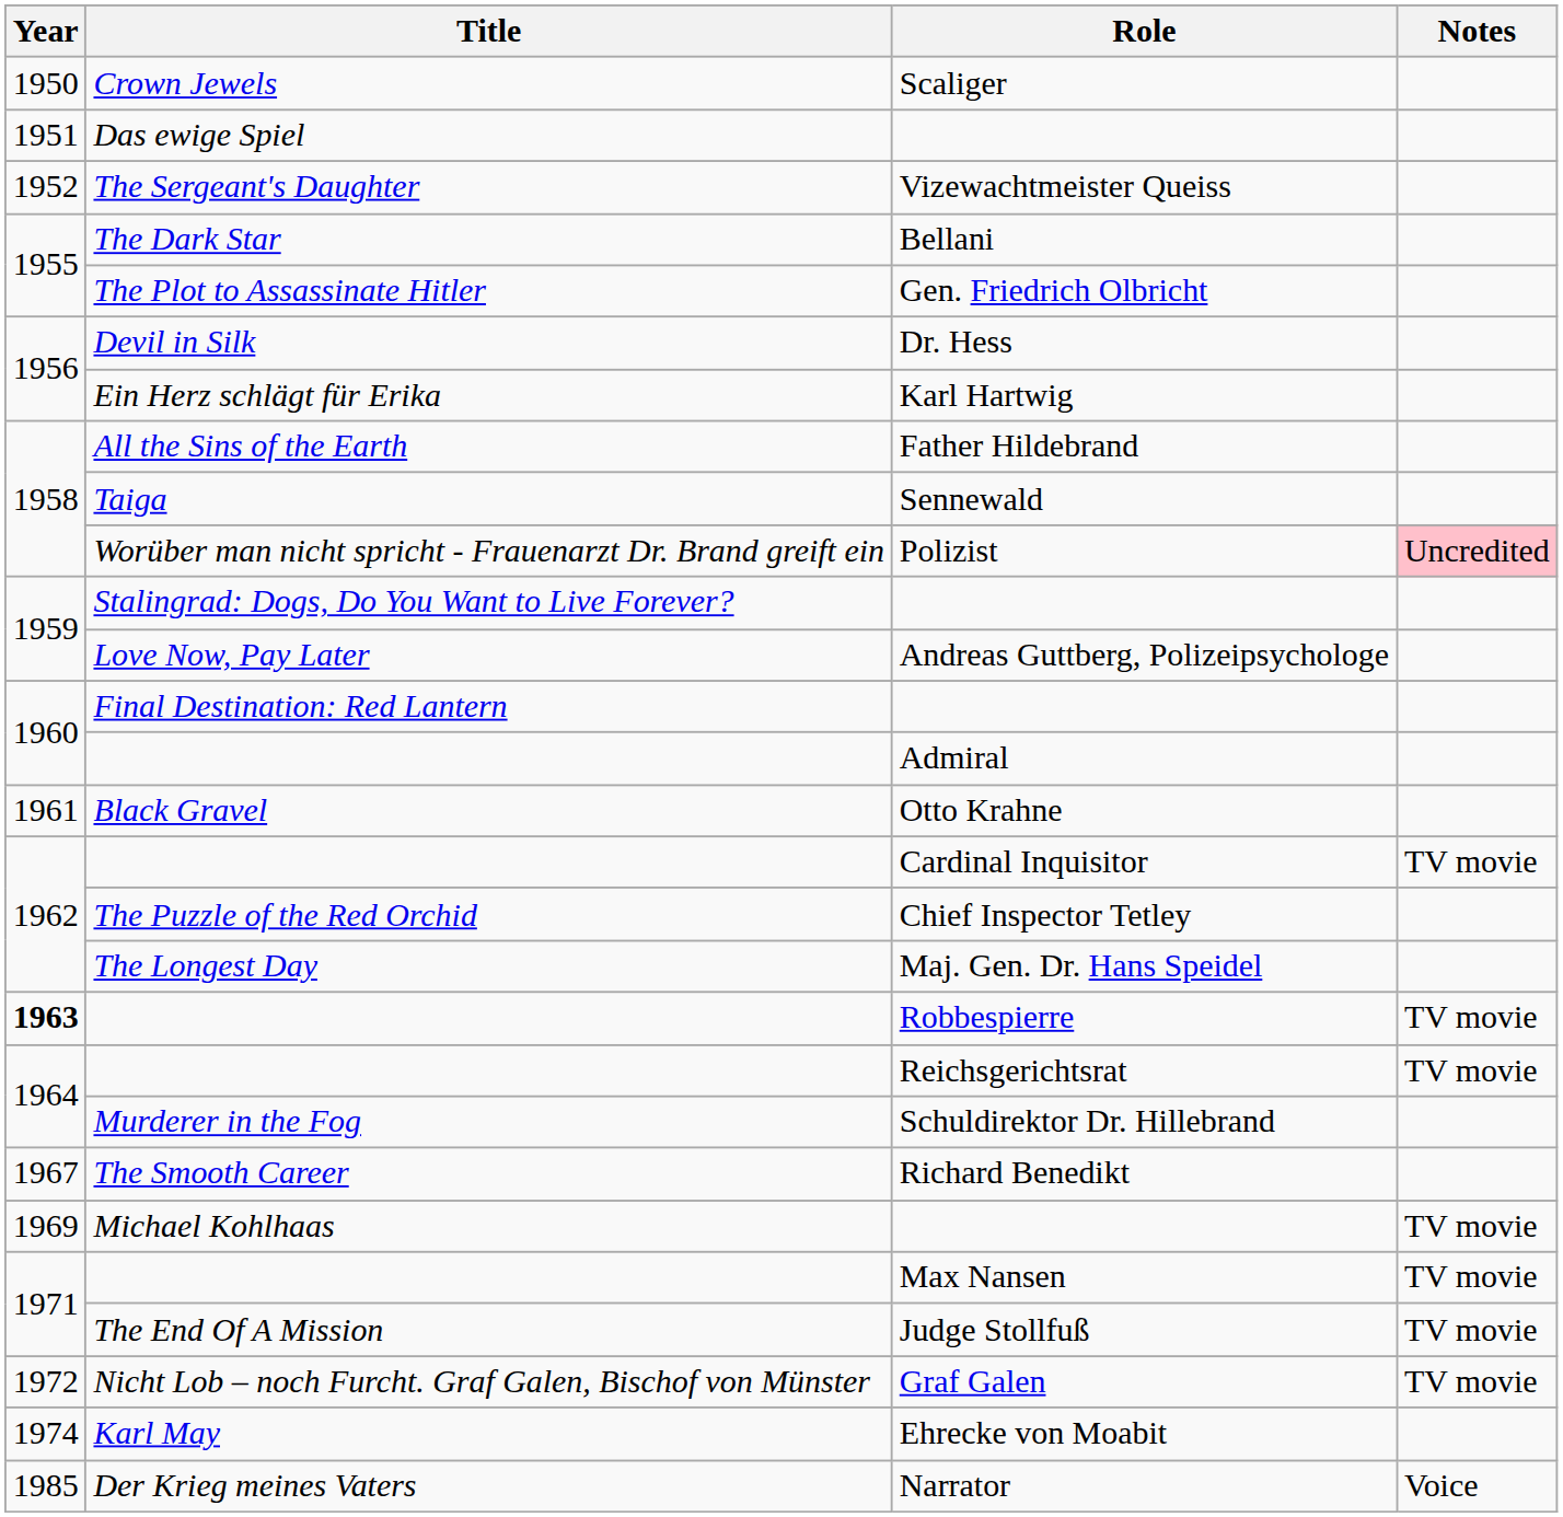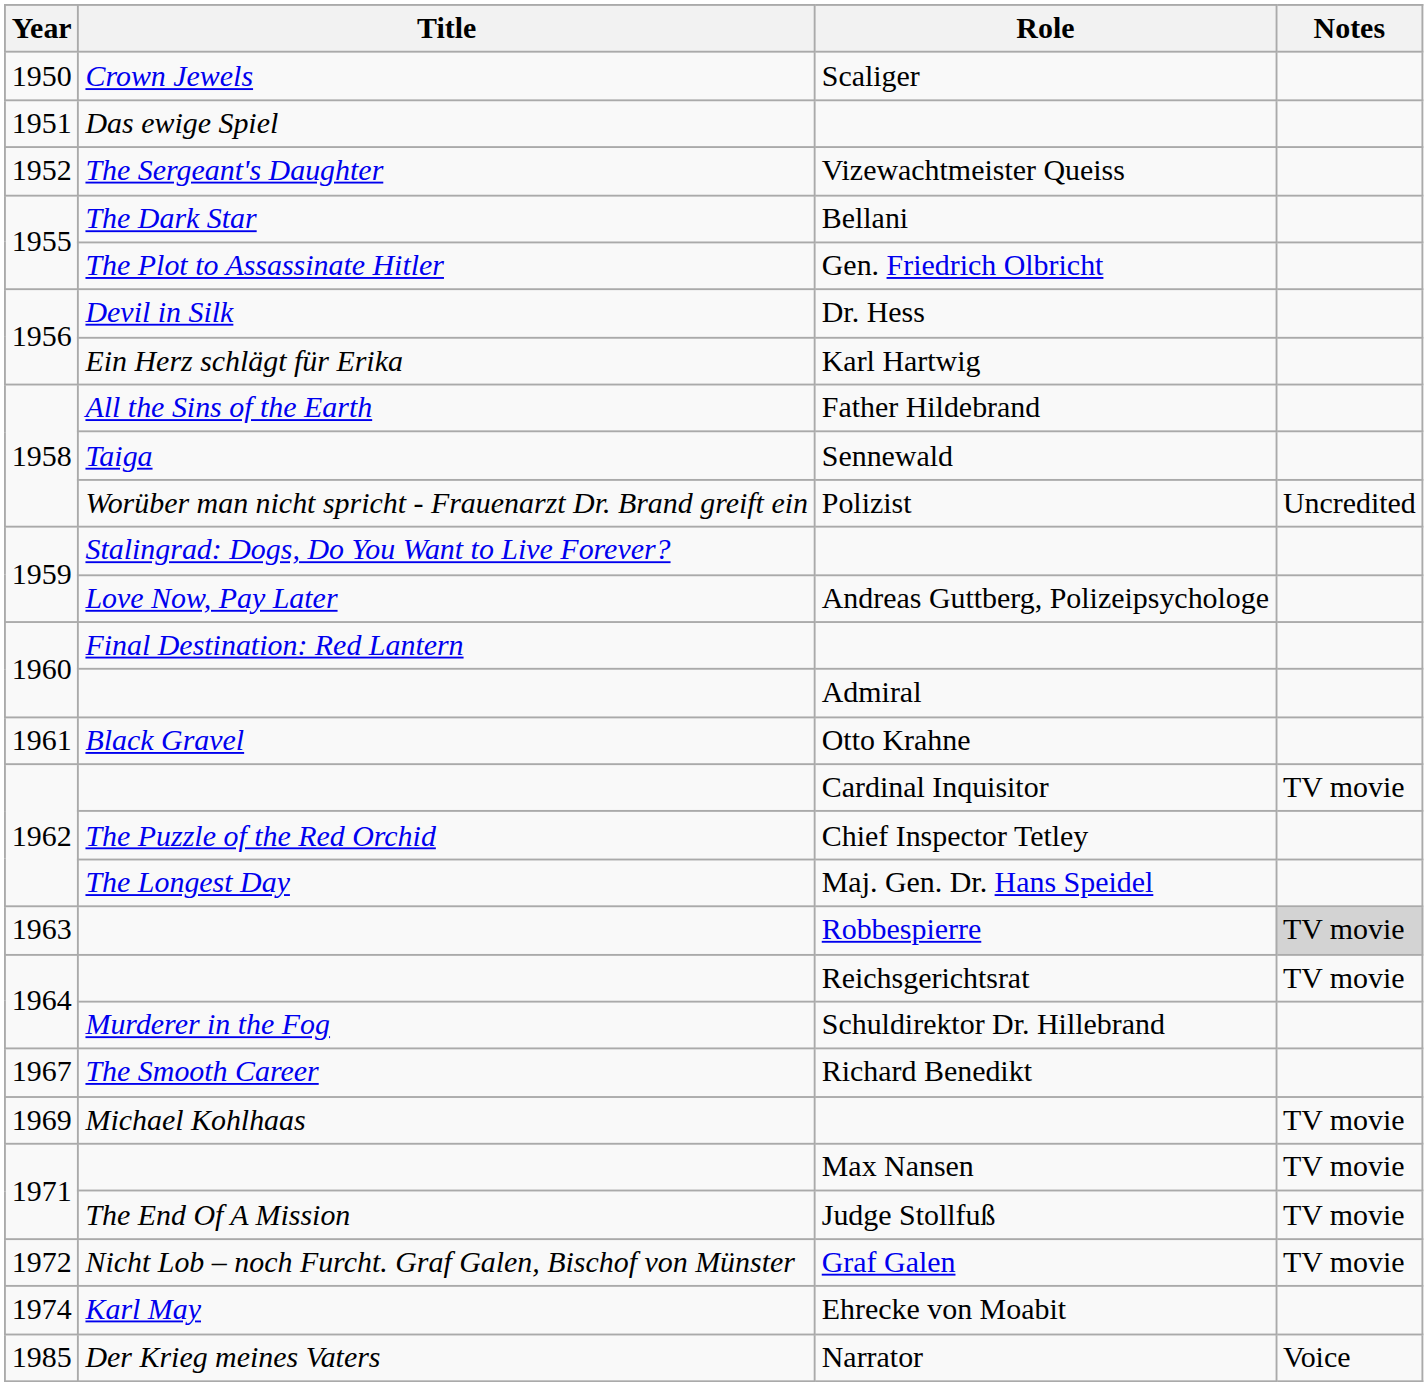 <table class="wikitable sortable">
 <tr>
 <th>Year</th>
 <th>Title</th>
 <th>Role</th>
 <th class="unsortable">Notes</th>
 </tr>
 <tr>
 <td>1950</td>
 <td><em><a href='#'>Crown Jewels</a></em></td>
 <td>Scaliger</td>
 <td></td>
 </tr>
 <tr>
 <td>1951</td>
 <td><em>Das ewige Spiel</em></td>
 <td></td>
 <td></td>
 </tr>
 <tr>
 <td>1952</td>
 <td><em><a href='#'>The Sergeant's Daughter</a></em></td>
 <td>Vizewachtmeister Queiss</td>
 <td></td>
 </tr>
 <tr>
 <td rowspan=2>1955</td>
 <td><em><a href='#'>The Dark Star</a></em></td>
 <td>Bellani</td>
 <td></td>
 </tr>
 <tr>
 <td><em><a href='#'>The Plot to Assassinate Hitler</a></em></td>
 <td>Gen. <a href='#'>Friedrich Olbricht</a></td>
 <td></td>
 </tr>
 <tr>
 <td rowspan=2>1956</td>
 <td><em><a href='#'>Devil in Silk</a></em></td>
 <td>Dr. Hess</td>
 <td></td>
 </tr>
 <tr>
 <td><em>Ein Herz schlägt für Erika</em></td>
 <td>Karl Hartwig</td>
 <td></td>
 </tr>
 <tr>
 <td rowspan=3>1958</td>
 <td><em><a href='#'>All the Sins of the Earth</a></em></td>
 <td>Father Hildebrand</td>
 <td></td>
 </tr>
 <tr>
 <td><em><a href='#'>Taiga</a></em></td>
 <td>Sennewald</td>
 <td></td>
 </tr>
 <tr>
 <td><em>Worüber man nicht spricht - Frauenarzt Dr. Brand greift ein</em></td>
 <td>Polizist</td>
-<td style="background: pink;">Uncredited</td>
+<td>Uncredited</td>
 </tr>
 <tr>
 <td rowspan=2>1959</td>
 <td><em><a href='#'>Stalingrad: Dogs, Do You Want to Live Forever?</a></em></td>
 <td></td>
 <td></td>
 </tr>
 <tr>
 <td><em><a href='#'>Love Now, Pay Later</a></em></td>
 <td>Andreas Guttberg, Polizeipsychologe</td>
 <td></td>
 </tr>
 <tr>
 <td rowspan=2>1960</td>
 <td><em><a href='#'>Final Destination: Red Lantern</a></em></td>
 <td></td>
 <td></td>
 </tr>
 <tr>
 <td><em></em></td>
 <td>Admiral</td>
 <td></td>
 </tr>
 <tr>
 <td>1961</td>
 <td><em><a href='#'>Black Gravel</a></em></td>
 <td>Otto Krahne</td>
 <td></td>
 </tr>
 <tr>
 <td rowspan=3>1962</td>
 <td><em></em></td>
 <td>Cardinal Inquisitor</td>
 <td>TV movie</td>
 </tr>
 <tr>
 <td><em><a href='#'>The Puzzle of the Red Orchid</a></em></td>
 <td>Chief Inspector Tetley</td>
 <td></td>
 </tr>
 <tr>
 <td><em><a href='#'>The Longest Day</a></em></td>
 <td>Maj. Gen. Dr. <a href='#'>Hans Speidel</a></td>
 <td></td>
 </tr>
 <tr>
-<td><strong>1963</strong></td>
+<td>1963</td>
 <td><em></em></td>
 <td><a href='#'>Robbespierre</a></td>
-<td>TV movie</td>
+<td style="background: lightgrey;">TV movie</td>
 </tr>
 <tr>
 <td rowspan=2>1964</td>
 <td><em></em></td>
 <td>Reichsgerichtsrat</td>
 <td>TV movie</td>
 </tr>
 <tr>
 <td><em><a href='#'>Murderer in the Fog</a></em></td>
 <td>Schuldirektor Dr. Hillebrand</td>
 <td></td>
 </tr>
 <tr>
 <td>1967</td>
 <td><em><a href='#'>The Smooth Career</a></em></td>
 <td>Richard Benedikt</td>
 <td></td>
 </tr>
 <tr>
 <td>1969</td>
 <td><em>Michael Kohlhaas</em></td>
 <td></td>
 <td>TV movie</td>
 </tr>
 <tr>
 <td rowspan=2>1971</td>
 <td><em></em></td>
 <td>Max Nansen</td>
 <td>TV movie</td>
 </tr>
 <tr>
 <td><em>The End Of A Mission</em></td>
 <td>Judge Stollfuß</td>
 <td>TV movie</td>
 </tr>
 <tr>
 <td>1972</td>
 <td><em>Nicht Lob – noch Furcht. Graf Galen, Bischof von Münster</em></td>
 <td><a href='#'>Graf Galen</a></td>
 <td>TV movie</td>
 </tr>
 <tr>
 <td>1974</td>
 <td><em><a href='#'>Karl May</a></em></td>
 <td>Ehrecke von Moabit</td>
 <td></td>
 </tr>
 <tr>
 <td>1985</td>
 <td><em>Der Krieg meines Vaters</em></td>
 <td>Narrator</td>
 <td>Voice</td>
 </tr>
 </table>
